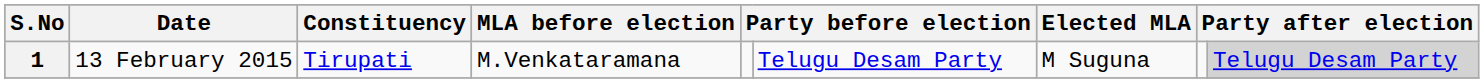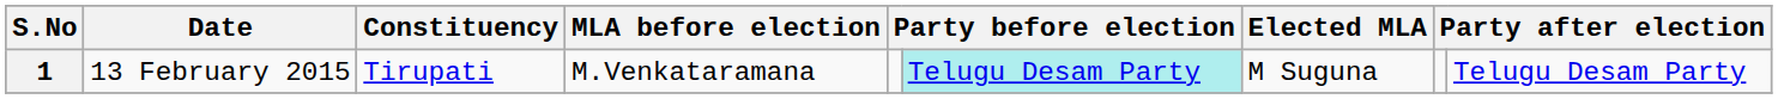 <table class="wikitable sortable">
 <tr>
 <th>S.No</th>
 <th>Date</th>
 <th>Constituency</th>
 <th>MLA before election</th>
 <th colspan="2">Party before election</th>
 <th>Elected MLA</th>
 <th colspan="2">Party after election</th>
 </tr>
 <tr>
 <th>1</th>
 <td>13 February 2015</td>
 <td><a href='#'>Tirupati</a></td>
 <td>M.Venkataramana</td>
 <td></td>
-<td><a href='#'>Telugu Desam Party</a></td>
+<td style="background: paleturquoise;"><a href='#'>Telugu Desam Party</a></td>
 <td>M Suguna</td>
 <td></td>
-<td style="background: lightgrey;"><a href='#'>Telugu Desam Party</a></td>
+<td><a href='#'>Telugu Desam Party</a></td>
 </tr>
 </table>
